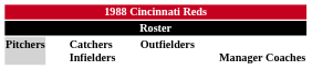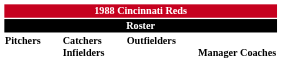 <table class="toccolours" style="font-size: 95%;">
 <tr>
 <th colspan="10" style="background:#c6011f; color:#fff; text-align:center;">1988 Cincinnati Reds</th>
 </tr>
 <tr>
 <td colspan="10" style="background:black; color:#fff; text-align:center;"><strong>Roster</strong></td>
 </tr>
 <tr>
-<td valign="top" style="background: lightgrey;"><strong>Pitchers</strong><br>                  </td>
+<td valign="top"><strong>Pitchers</strong><br>                  </td>
 <td style="width:25px;"></td>
 <td valign="top"><strong>Catchers</strong><br>    <strong>Infielders</strong>           </td>
 <td style="width:25px;"></td>
 <td valign="top"><strong>Outfielders</strong><br>         </td>
 <td style="width:25px;"></td>
 <td valign="top"><br><strong>Manager</strong>  <strong>Coaches</strong>     </td>
 </tr>
 </table>
